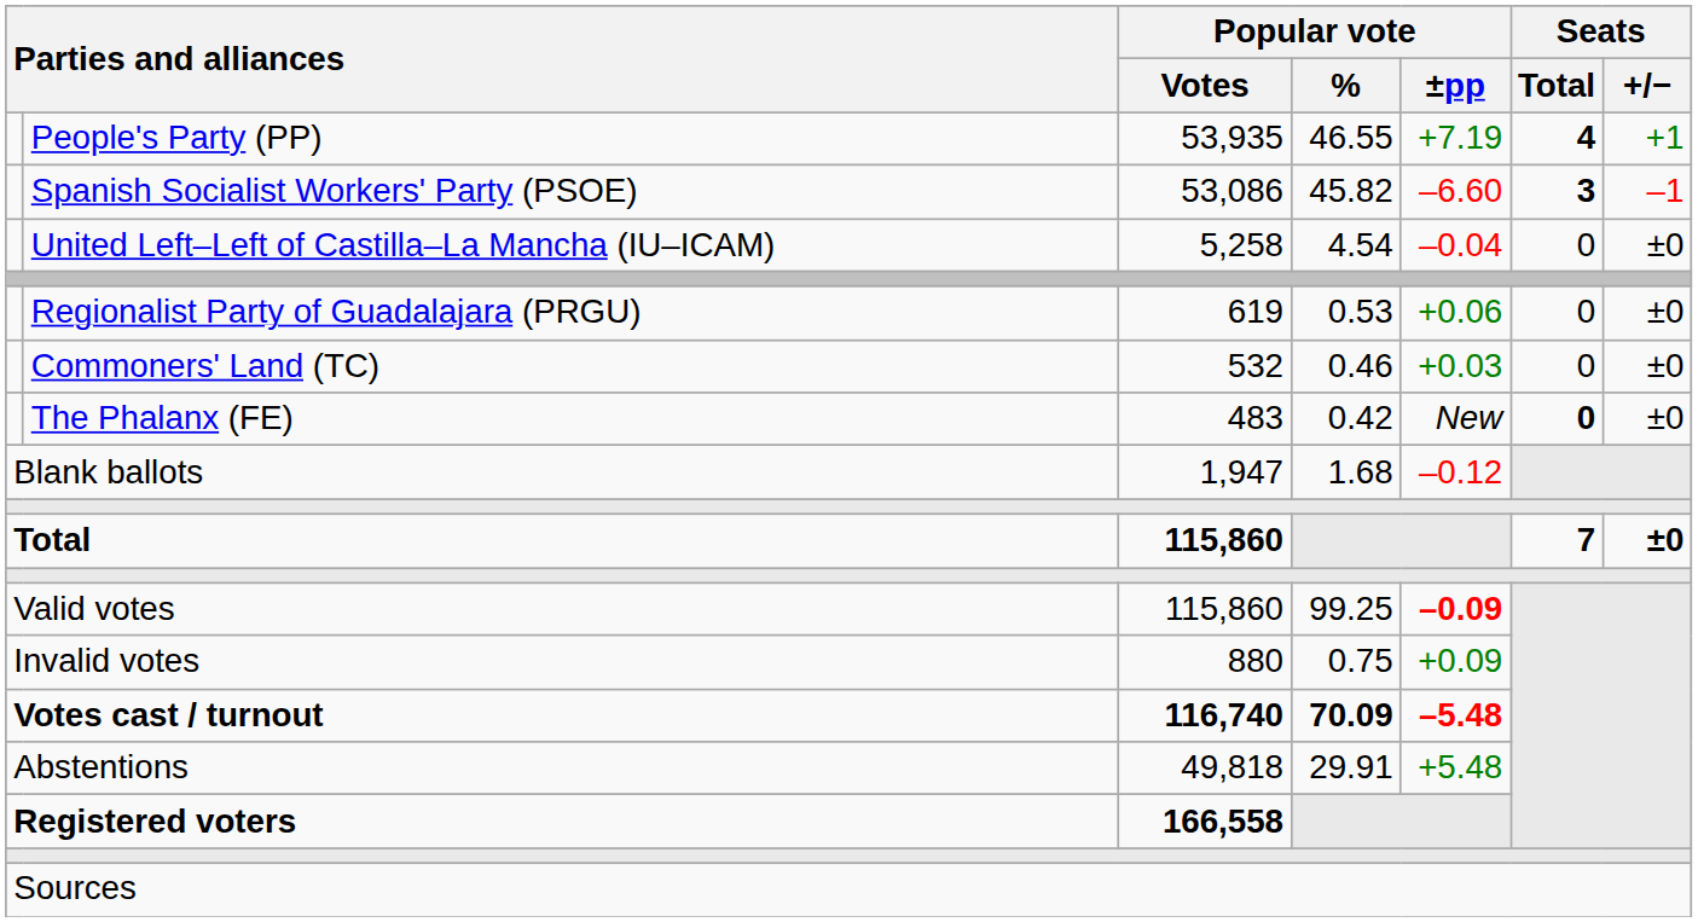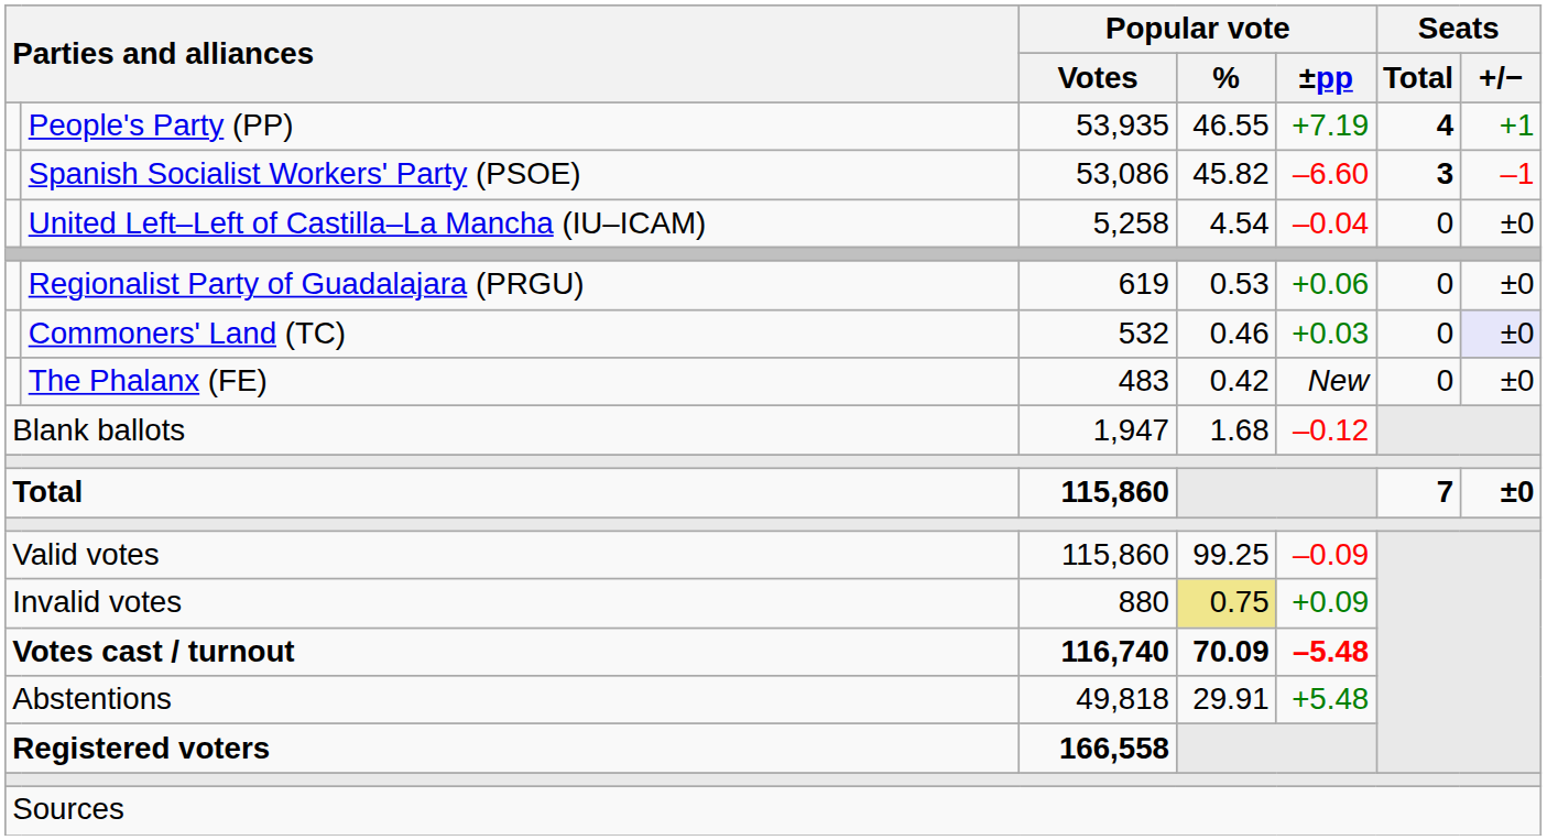 <table class="wikitable" style="text-align:right;">
 <tr>
 <th style="text-align:left;" rowspan="2" colspan="2" width="525">Parties and alliances</th>
 <th colspan="3">Popular vote</th>
 <th colspan="2">Seats</th>
 </tr>
 <tr>
 <th width="75">Votes</th>
 <th width="45">%</th>
 <th width="45">±<a href='#'>pp</a></th>
 <th width="35">Total</th>
 <th width="35">+/−</th>
 </tr>
 <tr>
 <td width="1" style="color:inherit;background:"></td>
 <td align="left"><a href='#'>People's Party</a> (PP)</td>
 <td>53,935</td>
 <td>46.55</td>
 <td style="color:green;">+7.19</td>
 <td><strong>4</strong></td>
 <td style="color:green;">+1</td>
 </tr>
 <tr>
 <td style="color:inherit;background:"></td>
 <td align="left"><a href='#'>Spanish Socialist Workers' Party</a> (PSOE)</td>
 <td>53,086</td>
 <td>45.82</td>
 <td style="color:red;">–6.60</td>
 <td><strong>3</strong></td>
 <td style="color:red;">–1</td>
 </tr>
 <tr>
 <td style="color:inherit;background:"></td>
 <td align="left"><a href='#'>United Left–Left of Castilla–La Mancha</a> (IU–ICAM)</td>
 <td>5,258</td>
 <td>4.54</td>
 <td style="color:red;">–0.04</td>
 <td>0</td>
 <td>±0</td>
 </tr>
 <tr>
 <td colspan="7" bgcolor="#C0C0C0"></td>
 </tr>
 <tr>
 <td style="color:inherit;background:"></td>
 <td align="left"><a href='#'>Regionalist Party of Guadalajara</a> (PRGU)</td>
 <td>619</td>
 <td>0.53</td>
 <td style="color:green;">+0.06</td>
 <td>0</td>
 <td>±0</td>
 </tr>
 <tr>
 <td style="color:inherit;background:"></td>
 <td align="left"><a href='#'>Commoners' Land</a> (TC)</td>
 <td>532</td>
 <td>0.46</td>
 <td style="color:green;">+0.03</td>
 <td>0</td>
-<td>±0</td>
+<td style="background: lavender;">±0</td>
 </tr>
 <tr>
 <td style="color:inherit;background:"></td>
 <td align="left"><a href='#'>The Phalanx</a> (FE)</td>
 <td>483</td>
 <td>0.42</td>
 <td><em>New</em></td>
-<td><strong>0</strong></td>
+<td>0</td>
 <td>±0</td>
 </tr>
 <tr>
 <td align="left" colspan="2">Blank ballots</td>
 <td>1,947</td>
 <td>1.68</td>
 <td style="color:red;">–0.12</td>
 <td bgcolor="#E9E9E9" colspan="2"></td>
 </tr>
 <tr>
 <td colspan="7" bgcolor="#E9E9E9"></td>
 </tr>
 <tr style="font-weight:bold;">
 <td align="left" colspan="2">Total</td>
 <td>115,860</td>
 <td bgcolor="#E9E9E9" colspan="2"></td>
 <td>7</td>
 <td>±0</td>
 </tr>
 <tr>
 <td colspan="7" bgcolor="#E9E9E9"></td>
 </tr>
 <tr>
 <td align="left" colspan="2">Valid votes</td>
 <td>115,860</td>
 <td>99.25</td>
-<td style="color:red;"><strong>–0.09</strong></td>
+<td style="color:red;">–0.09</td>
 <td bgcolor="#E9E9E9" colspan="2" rowspan="5"></td>
 </tr>
 <tr>
 <td align="left" colspan="2">Invalid votes</td>
 <td>880</td>
-<td>0.75</td>
+<td style="background: khaki;">0.75</td>
 <td style="color:green;">+0.09</td>
 </tr>
 <tr style="font-weight:bold;">
 <td align="left" colspan="2">Votes cast / turnout</td>
 <td>116,740</td>
 <td>70.09</td>
 <td style="color:red;">–5.48</td>
 </tr>
 <tr>
 <td align="left" colspan="2">Abstentions</td>
 <td>49,818</td>
 <td>29.91</td>
 <td style="color:green;">+5.48</td>
 </tr>
 <tr style="font-weight:bold;">
 <td align="left" colspan="2">Registered voters</td>
 <td>166,558</td>
 <td bgcolor="#E9E9E9" colspan="2"></td>
 </tr>
 <tr>
 <td colspan="7" bgcolor="#E9E9E9"></td>
 </tr>
 <tr>
 <td align="left" colspan="7">Sources</td>
 </tr>
 </table>
